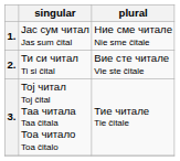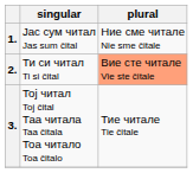 <table class="wikitable">
 <tr>
 <th></th>
 <th><span>singular</span></th>
 <th><span>plural</span></th>
 </tr>
 <tr>
 <th><span>1.</span></th>
 <td>Јас сум читал<br><span><small>Jas sum čital</small></span></td>
 <td>Ние сме читале<br><span><small>Nie sme čitale</small></span></td>
 </tr>
 <tr>
 <th><span>2.</span></th>
 <td>Ти си читал<br><span><small>Ti si čital</small></span></td>
-<td>Вие сте читале<br><span><small>Vie ste čitale</small></span></td>
+<td style="background: lightsalmon;">Вие сте читале<br><span><small>Vie ste čitale</small></span></td>
 </tr>
 <tr>
 <th><span>3.</span></th>
 <td>Тој читал<br><span><small>Toj čital</small></span><br>Таа читала<br><span><small>Taa  čitala</small></span><br>Тоa читалo<br><span><small>Toа čitalо</small></span></td>
 <td>Тие читале<br><span><small>Tie čitale</small></span></td>
 </tr>
 <tr>
 </tr>
 </table>
